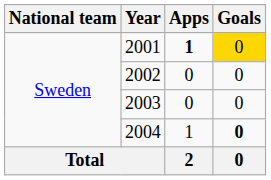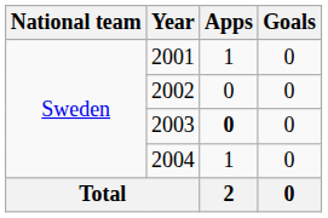 <table class="wikitable" style="text-align:center">
 <tr>
 <th>National team</th>
 <th>Year</th>
 <th>Apps</th>
 <th>Goals</th>
 </tr>
 <tr>
 <td rowspan="4"><a href='#'>Sweden</a></td>
 <td>2001</td>
-<td><strong>1</strong></td>
-<td style="background: gold;">0</td>
+<td>1</td>
+<td>0</td>
 </tr>
 <tr>
 <td>2002</td>
 <td>0</td>
 <td>0</td>
 </tr>
 <tr>
 <td>2003</td>
-<td>0</td>
+<td><strong>0</strong></td>
 <td>0</td>
 </tr>
 <tr>
 <td>2004</td>
 <td>1</td>
-<td><strong>0</strong></td>
+<td>0</td>
 </tr>
 <tr>
 <th colspan="2">Total</th>
 <th>2</th>
 <th>0</th>
 </tr>
 </table>
